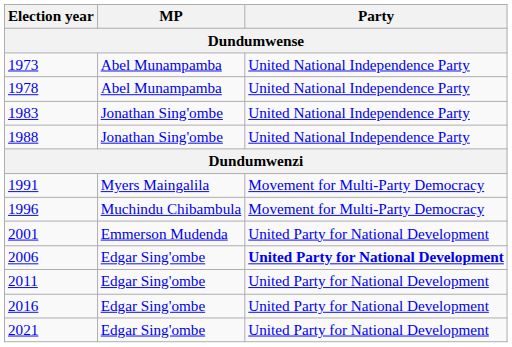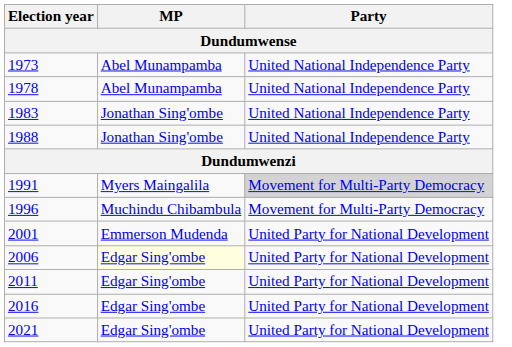 <table class="wikitable">
 <tr>
 <th>Election year</th>
 <th>MP</th>
 <th>Party</th>
 </tr>
 <tr>
 <th colspan="3">Dundumwense</th>
 </tr>
 <tr>
 <td><a href='#'>1973</a></td>
 <td><a href='#'>Abel Munampamba</a></td>
 <td><a href='#'>United National Independence Party</a></td>
 </tr>
 <tr>
 <td><a href='#'>1978</a></td>
 <td><a href='#'>Abel Munampamba</a></td>
 <td><a href='#'>United National Independence Party</a></td>
 </tr>
 <tr>
 <td><a href='#'>1983</a></td>
 <td><a href='#'>Jonathan Sing'ombe</a></td>
 <td><a href='#'>United National Independence Party</a></td>
 </tr>
 <tr>
 <td><a href='#'>1988</a></td>
 <td><a href='#'>Jonathan Sing'ombe</a></td>
 <td><a href='#'>United National Independence Party</a></td>
 </tr>
 <tr>
 <th colspan="3">Dundumwenzi</th>
 </tr>
 <tr>
 <td><a href='#'>1991</a></td>
 <td><a href='#'>Myers Maingalila</a></td>
-<td><a href='#'>Movement for Multi-Party Democracy</a></td>
+<td style="background: lightgrey;"><a href='#'>Movement for Multi-Party Democracy</a></td>
 </tr>
 <tr>
 <td><a href='#'>1996</a></td>
 <td><a href='#'>Muchindu Chibambula</a></td>
 <td><a href='#'>Movement for Multi-Party Democracy</a></td>
 </tr>
 <tr>
 <td><a href='#'>2001</a></td>
 <td><a href='#'>Emmerson Mudenda</a></td>
 <td><a href='#'>United Party for National Development</a></td>
 </tr>
 <tr>
 <td><a href='#'>2006</a></td>
-<td><a href='#'>Edgar Sing'ombe</a></td>
-<td><strong><a href='#'>United Party for National Development</a></strong></td>
+<td style="background: lightyellow;"><a href='#'>Edgar Sing'ombe</a></td>
+<td><a href='#'>United Party for National Development</a></td>
 </tr>
 <tr>
 <td><a href='#'>2011</a></td>
 <td><a href='#'>Edgar Sing'ombe</a></td>
 <td><a href='#'>United Party for National Development</a></td>
 </tr>
 <tr>
 <td><a href='#'>2016</a></td>
 <td><a href='#'>Edgar Sing'ombe</a></td>
 <td><a href='#'>United Party for National Development</a></td>
 </tr>
 <tr>
 <td><a href='#'>2021</a></td>
 <td><a href='#'>Edgar Sing'ombe</a></td>
 <td><a href='#'>United Party for National Development</a></td>
 </tr>
 </table>
